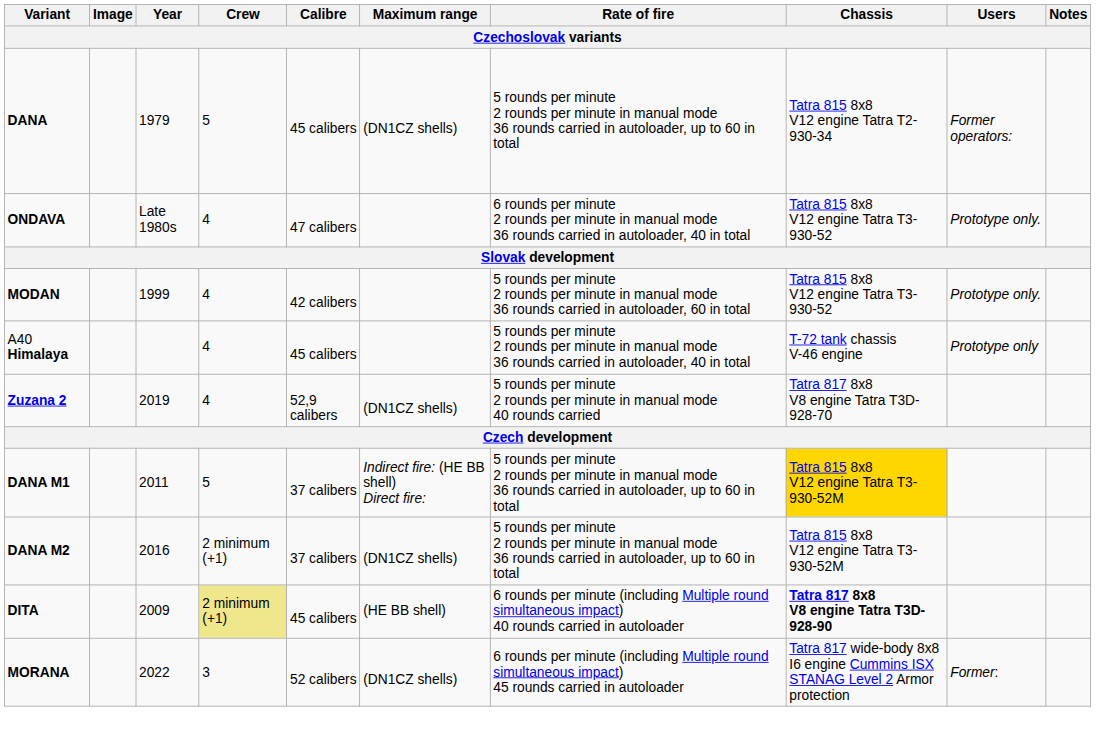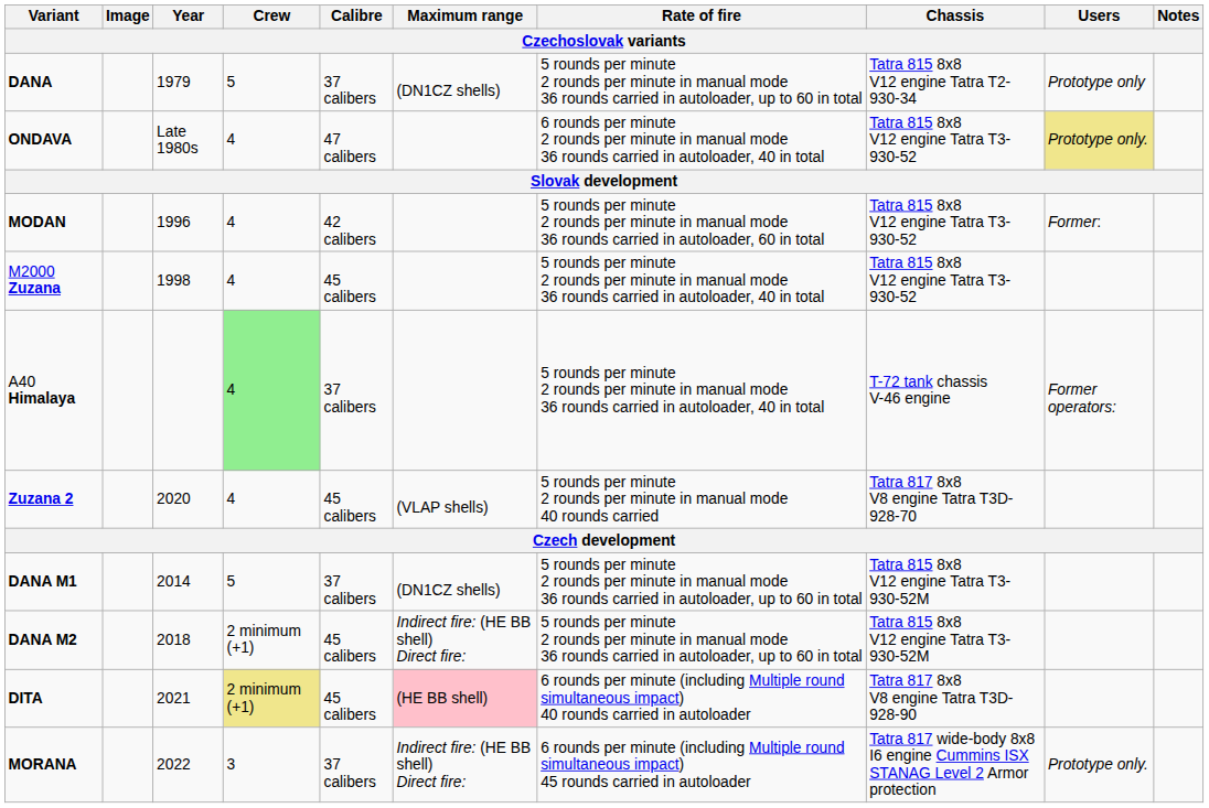 <table class=wikitable border="0" width="100%">
 <tr>
 <th>Variant</th>
 <th>Image</th>
 <th>Year</th>
 <th>Crew</th>
 <th>Calibre</th>
 <th>Maximum range</th>
 <th>Rate of fire</th>
 <th>Chassis</th>
 <th>Users</th>
 <th>Notes</th>
 </tr>
 <tr>
 <th colspan="10" style="align: center;"><a href='#'>Czechoslovak</a> variants</th>
 </tr>
 <tr>
 <td><strong>DANA</strong></td>
 <td></td>
 <td>1979</td>
 <td>5</td>
-<td><br>45 calibers</td>
+<td><br>37 calibers</td>
 <td><br> (DN1CZ shells)</td>
 <td>5 rounds per minute<br>2 rounds per minute in manual mode<br>36 rounds carried in autoloader, up to 60 in total</td>
 <td><a href='#'>Tatra 815</a> 8x8<br>V12 engine Tatra T2-930-34 </td>
-<td><br><br><br><br><em>Former operators:</em><br><br><br><br></td>
+<td><em>Prototype only</em></td>
 </tr>
 <tr>
 <td><strong>ONDAVA</strong></td>
 <td></td>
 <td>Late 1980s</td>
 <td>4</td>
 <td><br>47 calibers</td>
 <td></td>
 <td>6 rounds per minute<br>2 rounds per minute in manual mode<br>36 rounds carried in autoloader, 40 in total</td>
 <td><a href='#'>Tatra 815</a> 8x8<br>V12 engine Tatra T3-930-52 </td>
-<td><em>Prototype only.</em></td>
+<td style="background: khaki;"><em>Prototype only.</em></td>
 <td></td>
 </tr>
 <tr>
 <th colspan="10" style="align: center;"><a href='#'>Slovak</a> development</th>
 </tr>
 <tr>
 <td><strong>MODAN</strong></td>
 <td></td>
-<td>1999</td>
+<td>1996</td>
 <td>4</td>
 <td><br>42 calibers</td>
 <td></td>
 <td>5 rounds per minute<br>2 rounds per minute in manual mode<br>36 rounds carried in autoloader, 60 in total</td>
 <td><a href='#'>Tatra 815</a> 8x8<br>V12 engine Tatra T3-930-52 </td>
-<td><em>Prototype only.</em></td>
+<td><em>Former</em>:<br></td>
+<td></td>
+</tr>
+<tr>
+<td><a href='#'>M2000 <strong>Zuzana</strong></a></td>
+<td></td>
+<td>1998</td>
+<td>4</td>
+<td><br>45 calibers</td>
+<td></td>
+<td>5 rounds per minute<br>2 rounds per minute in manual mode<br>36 rounds carried in autoloader, 40 in total</td>
+<td><a href='#'>Tatra 815</a> 8x8<br>V12 engine Tatra T3-930-52 </td>
+<td><br></td>
 <td></td>
 </tr>
 <tr>
 <td>A40 <strong>Himalaya</strong></td>
 <td></td>
 <td></td>
-<td>4</td>
-<td><br>45 calibers</td>
+<td style="background: lightgreen;">4</td>
+<td><br>37 calibers</td>
 <td></td>
 <td>5 rounds per minute<br>2 rounds per minute in manual mode<br>36 rounds carried in autoloader, 40 in total</td>
 <td><a href='#'>T-72 tank</a> chassis<br>V-46 engine </td>
-<td><em>Prototype only</em></td>
+<td><br><br><br><br><em>Former operators:</em><br><br><br><br></td>
 <td></td>
 </tr>
 <tr>
 <td><a href='#'><strong>Zuzana 2</strong></a></td>
 <td></td>
-<td>2019</td>
+<td>2020</td>
 <td>4</td>
-<td><br>52,9 calibers</td>
-<td><br> (DN1CZ shells)</td>
+<td><br>45 calibers</td>
+<td><br> (VLAP shells)</td>
 <td>5 rounds per minute<br>2 rounds per minute in manual mode<br>40 rounds carried</td>
 <td><a href='#'>Tatra 817</a> 8x8<br>V8 engine Tatra T3D-928-70  </td>
 <td><br></td>
 <td></td>
 </tr>
 <tr>
 <th colspan="10" style="align: center;"><a href='#'>Czech</a> development</th>
 </tr>
 <tr>
 <td><strong>DANA M1</strong></td>
 <td></td>
-<td>2011</td>
+<td>2014</td>
 <td>5</td>
 <td><br>37 calibers</td>
-<td><em>Indirect fire:</em>  (HE BB shell)<br><em>Direct fire:</em> </td>
+<td><br> (DN1CZ shells)</td>
 <td>5 rounds per minute<br>2 rounds per minute in manual mode<br>36 rounds carried in autoloader, up to 60 in total</td>
-<td style="background: gold;"><a href='#'>Tatra 815</a> 8x8<br>V12 engine Tatra T3-930-52M </td>
+<td><a href='#'>Tatra 815</a> 8x8<br>V12 engine Tatra T3-930-52M </td>
 <td></td>
 <td></td>
 </tr>
 <tr>
 <td><strong>DANA M2</strong></td>
 <td></td>
-<td>2016</td>
+<td>2018</td>
 <td>2 minimum (+1)</td>
-<td><br>37 calibers</td>
-<td><br> (DN1CZ shells)</td>
+<td><br>45 calibers</td>
+<td><em>Indirect fire:</em>  (HE BB shell)<br><em>Direct fire:</em> </td>
 <td>5 rounds per minute<br>2 rounds per minute in manual mode<br>36 rounds carried in autoloader, up to 60 in total</td>
 <td><a href='#'>Tatra 815</a> 8x8<br>V12 engine Tatra T3-930-52M </td>
 <td><br></td>
 <td></td>
 </tr>
 <tr>
 <td><strong>DITA</strong></td>
 <td></td>
-<td>2009</td>
+<td>2021</td>
 <td style="background: khaki;">2 minimum (+1)</td>
 <td><br>45 calibers</td>
-<td> (HE BB shell)</td>
+<td style="background: pink;"> (HE BB shell)</td>
 <td>6 rounds per minute (including <a href='#'>Multiple round simultaneous impact</a>)<br>40 rounds carried in autoloader</td>
-<td><strong><a href='#'>Tatra 817</a> 8x8<br>V8 engine Tatra T3D-928-90  </strong></td>
+<td><a href='#'>Tatra 817</a> 8x8<br>V8 engine Tatra T3D-928-90  </td>
 <td><br></td>
 <td></td>
 </tr>
 <tr>
 <td><strong>MORANA</strong></td>
 <td></td>
 <td>2022</td>
 <td>3</td>
-<td><br>52 calibers</td>
-<td><br> (DN1CZ shells)</td>
+<td><br>37 calibers</td>
+<td><em>Indirect fire:</em>  (HE BB shell)<br><em>Direct fire:</em> </td>
 <td>6 rounds per minute (including <a href='#'>Multiple round simultaneous impact</a>)<br>45 rounds carried in autoloader</td>
 <td><a href='#'>Tatra 817</a> wide-body 8x8<br>I6 engine <a href='#'>Cummins ISX</a>  <br><a href='#'>STANAG Level 2</a> Armor protection</td>
-<td><em>Former</em>:<br></td>
+<td><em>Prototype only.</em></td>
 <td></td>
 </tr>
 </table>
